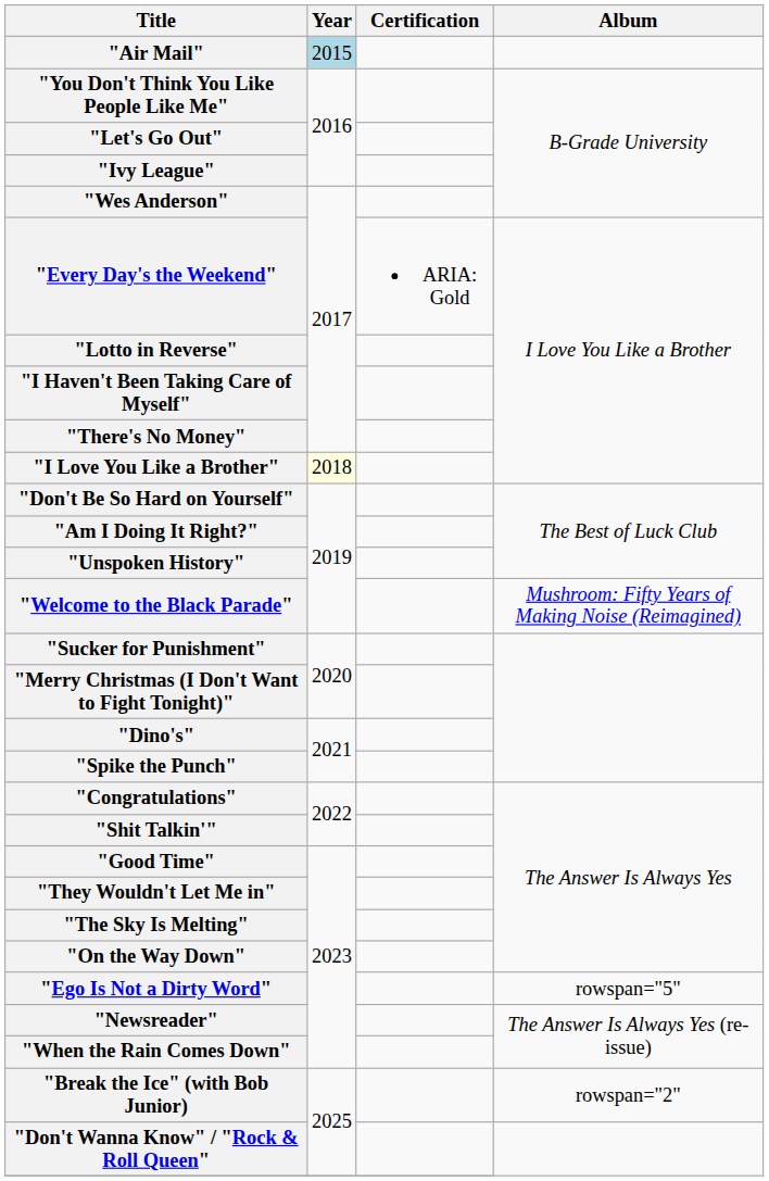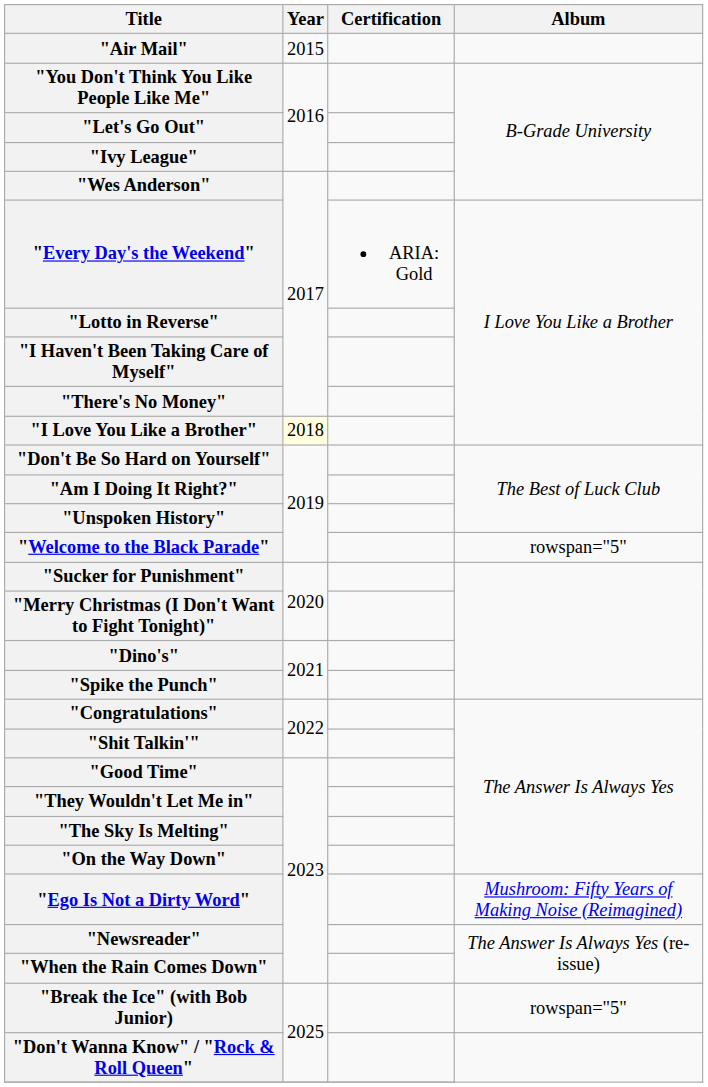 <table class="wikitable plainrowheaders" style="text-align:center;">
 <tr>
 <th>Title</th>
 <th>Year</th>
 <th>Certification</th>
 <th>Album</th>
 </tr>
 <tr>
 <th scope="row">"Air Mail"</th>
-<td style="background: lightblue;">2015</td>
+<td>2015</td>
 <td></td>
 <td></td>
 </tr>
 <tr>
 <th scope="row">"You Don't Think You Like People Like Me"</th>
 <td rowspan="3">2016</td>
 <td></td>
 <td rowspan="4"><em>B-Grade University</em></td>
 </tr>
 <tr>
 <th scope="row">"Let's Go Out"</th>
 <td></td>
 </tr>
 <tr>
 <th scope="row">"Ivy League"</th>
 <td></td>
 </tr>
 <tr>
 <th scope="row">"Wes Anderson"</th>
 <td rowspan="5">2017</td>
 <td></td>
 </tr>
 <tr>
 <th scope="row">"<a href='#'>Every Day's the Weekend</a>"</th>
 <td><br><ul><li>ARIA: Gold</li></ul></td>
 <td rowspan="5"><em>I Love You Like a Brother</em></td>
 </tr>
 <tr>
 <th scope="row">"Lotto in Reverse"</th>
 <td></td>
 </tr>
 <tr>
 <th scope="row">"I Haven't Been Taking Care of Myself"</th>
 <td></td>
 </tr>
 <tr>
 <th scope="row">"There's No Money"</th>
 <td></td>
 </tr>
 <tr>
 <th scope="row">"I Love You Like a Brother"</th>
 <td style="background: lightyellow;">2018</td>
 <td></td>
 </tr>
 <tr>
 <th scope="row">"Don't Be So Hard on Yourself"</th>
 <td rowspan="4">2019</td>
 <td></td>
 <td rowspan="3"><em>The Best of Luck Club</em></td>
 </tr>
 <tr>
 <th scope="row">"Am I Doing It Right?"</th>
 <td></td>
 </tr>
 <tr>
 <th scope="row">"Unspoken History"</th>
 <td></td>
 </tr>
 <tr>
 <th scope="row">"<a href='#'>Welcome to the Black Parade</a>"<br></th>
 <td></td>
-<td><em><a href='#'>Mushroom: Fifty Years of Making Noise (Reimagined)</a></em></td>
+<td>rowspan="5" </td>
 </tr>
 <tr>
 <th scope="row">"Sucker for Punishment"</th>
 <td rowspan="2">2020</td>
 <td></td>
 </tr>
 <tr>
 <th scope="row">"Merry Christmas (I Don't Want to Fight Tonight)"</th>
 <td></td>
 </tr>
 <tr>
 <th scope="row">"Dino's"<br></th>
 <td rowspan="2">2021</td>
 <td></td>
 </tr>
 <tr>
 <th scope="row">"Spike the Punch"</th>
 <td></td>
 </tr>
 <tr>
 <th scope="row">"Congratulations"</th>
 <td rowspan="2">2022</td>
 <td></td>
 <td rowspan="6"><em>The Answer Is Always Yes</em></td>
 </tr>
 <tr>
 <th scope="row">"Shit Talkin'"</th>
 <td></td>
 </tr>
 <tr>
 <th scope="row">"Good Time"</th>
 <td rowspan="7">2023</td>
 <td></td>
 </tr>
 <tr>
 <th scope="row">"They Wouldn't Let Me in"</th>
 <td></td>
 </tr>
 <tr>
 <th scope="row">"The Sky Is Melting"</th>
 <td></td>
 </tr>
 <tr>
 <th scope="row">"On the Way Down"</th>
 <td></td>
 </tr>
 <tr>
 <th scope="row">"<a href='#'>Ego Is Not a Dirty Word</a>"</th>
 <td></td>
-<td>rowspan="5" </td>
+<td><em><a href='#'>Mushroom: Fifty Years of Making Noise (Reimagined)</a></em></td>
 </tr>
 <tr>
 <th scope="row">"Newsreader"</th>
 <td></td>
 <td rowspan="2"><em>The Answer Is Always Yes</em> (re-issue)</td>
 </tr>
 <tr>
 <th scope="row">"When the Rain Comes Down"</th>
 <td></td>
 </tr>
 <tr>
 <th scope="row">"Break the Ice" (with Bob Junior)</th>
 <td rowspan="2">2025</td>
 <td></td>
-<td>rowspan="2"  </td>
+<td>rowspan="5" </td>
 </tr>
 <tr>
 <th scope="row">"Don't Wanna Know" / "<a href='#'>Rock & Roll Queen</a>" </th>
 <td></td>
 </tr>
 <tr>
 </tr>
 </table>
